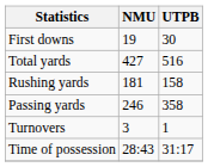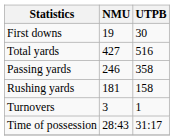 <table class="wikitable" style="float: left;">
 <tr>
 <th>Statistics</th>
 <th>NMU</th>
 <th>UTPB</th>
 </tr>
 <tr>
 <td>First downs</td>
 <td>19</td>
 <td>30</td>
 </tr>
 <tr>
 <td>Total yards</td>
 <td>427</td>
 <td>516</td>
 </tr>
 <tr>
+<td>Passing yards</td>
+<td>246</td>
+<td>358</td>
+</tr>
+<tr>
 <td>Rushing yards</td>
 <td>181</td>
 <td>158</td>
-</tr>
-<tr>
-<td>Passing yards</td>
-<td>246</td>
-<td>358</td>
 </tr>
 <tr>
 <td>Turnovers</td>
 <td>3</td>
 <td>1</td>
 </tr>
 <tr>
 <td>Time of possession</td>
 <td>28:43</td>
 <td>31:17</td>
 </tr>
 <tr>
 </tr>
 </table>
